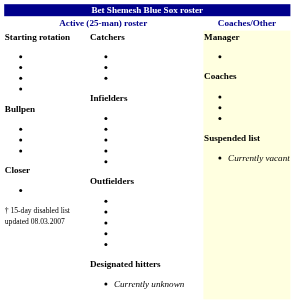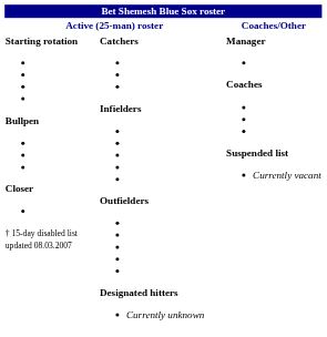 <table class="toccolours" style="font-size: 95%;">
 <tr>
 <th colspan="10" style="background-color: darkblue; color: white; text-align: center;">Bet Shemesh Blue Sox roster</th>
 </tr>
 <tr>
 <td colspan="4" style="background-color: white; color: darkblue; text-align: center;"><strong>Active (25-man) roster</strong></td>
 <td colspan="1" style="background-color: white; color: darkblue; text-align: center;"><strong>Coaches/Other</strong></td>
 </tr>
 <tr>
 <td style="vertical-align:top;"><strong>Starting rotation</strong><br><ul><li></li><li></li><li></li><li></li></ul><strong>Bullpen</strong><ul><li></li><li></li><li></li></ul><strong>Closer</strong><ul><li></li></ul><small>† 15-day disabled list</small><br> <small> updated 08.03.2007</small><br> <small></small></td>
 <td width="25px"></td>
 <td style="vertical-align:top;"><strong>Catchers</strong><br><ul><li></li><li></li><li></li></ul><strong>Infielders</strong><ul><li></li><li></li><li></li><li></li><li></li></ul><strong>Outfielders</strong><ul><li></li><li></li><li></li><li></li><li></li></ul><strong>Designated hitters</strong><ul><li><em>Currently unknown</em></li></ul></td>
 <td width="25px"></td>
-<td style="background: lightyellow; vertical-align:top;"><strong>Manager</strong><br><ul><li></li></ul><strong>Coaches</strong><ul><li></li><li></li><li></li></ul><strong>Suspended list</strong><ul><li><em>Currently vacant</em></li></ul></td>
+<td style="vertical-align:top;"><strong>Manager</strong><br><ul><li></li></ul><strong>Coaches</strong><ul><li></li><li></li><li></li></ul><strong>Suspended list</strong><ul><li><em>Currently vacant</em></li></ul></td>
 </tr>
 <tr>
 </tr>
 </table>
